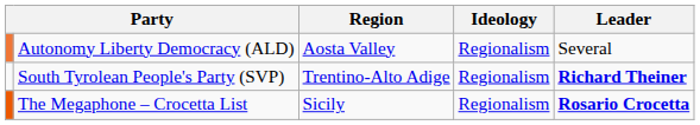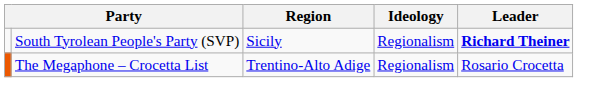 <table class=wikitable  style=text-align:left>
 <tr>
 <th colspan=2>Party</th>
 <th>Region</th>
 <th>Ideology</th>
 <th>Leader</th>
 </tr>
 <tr>
-<td bgcolor="#F07636"></td>
-<td><a href='#'>Autonomy Liberty Democracy</a> (ALD)</td>
-<td><a href='#'>Aosta Valley</a></td>
-<td><a href='#'>Regionalism</a></td>
-<td>Several</td>
-</tr>
-<tr>
 <td></td>
 <td><a href='#'>South Tyrolean People's Party</a> (SVP)</td>
-<td><a href='#'>Trentino-Alto Adige</a></td>
+<td><a href='#'>Sicily</a></td>
 <td><a href='#'>Regionalism</a></td>
 <td><strong><a href='#'>Richard Theiner</a></strong></td>
 </tr>
 <tr>
 <td bgcolor="#EC5800"></td>
 <td><a href='#'>The Megaphone – Crocetta List</a></td>
-<td><a href='#'>Sicily</a></td>
+<td><a href='#'>Trentino-Alto Adige</a></td>
 <td><a href='#'>Regionalism</a></td>
-<td><strong><a href='#'>Rosario Crocetta</a></strong></td>
+<td><a href='#'>Rosario Crocetta</a></td>
 </tr>
 </table>
